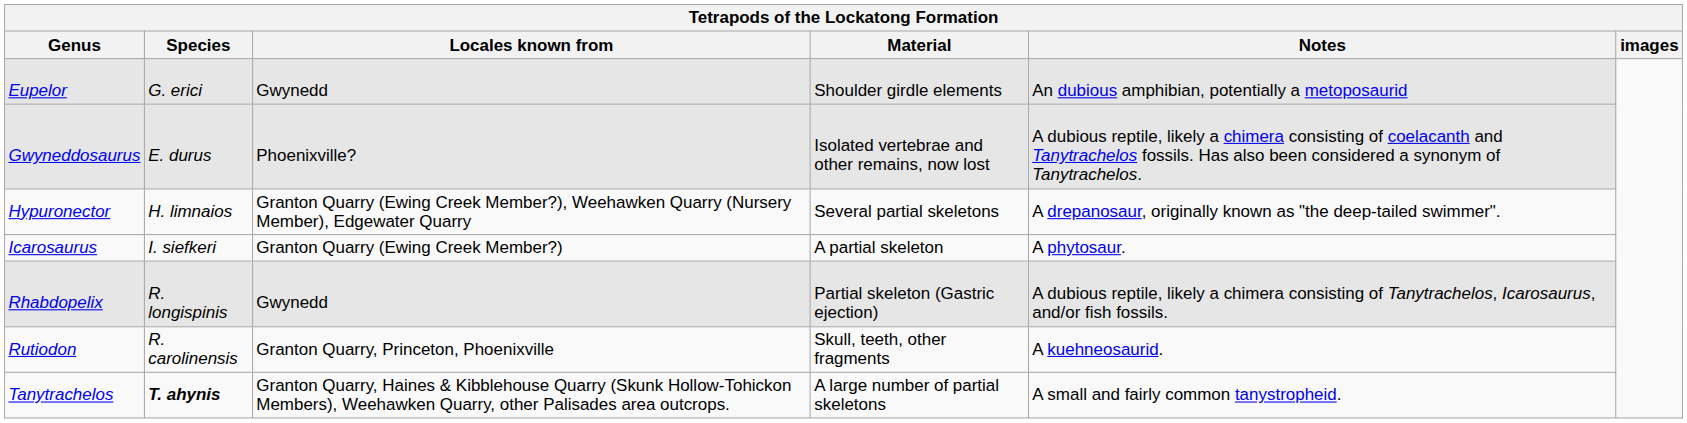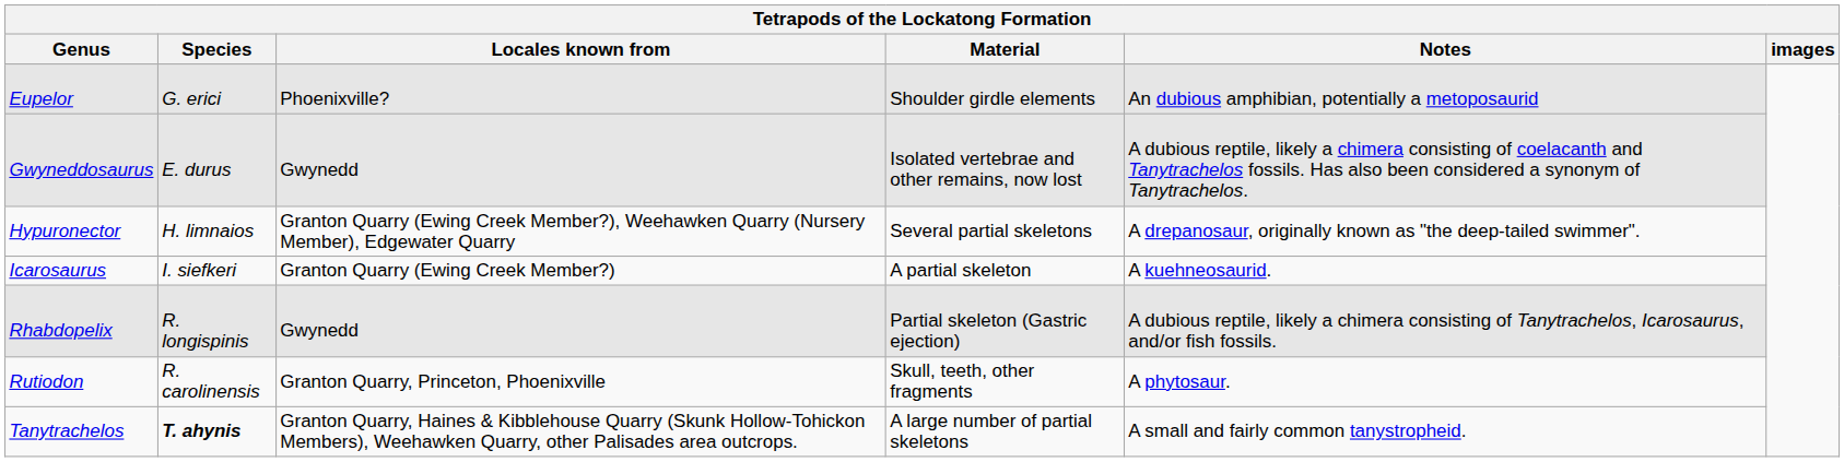 <table class="wikitable" align="center" width="100%">
 <tr>
 <th colspan="6" align="center"><strong>Tetrapods of the Lockatong Formation</strong></th>
 </tr>
 <tr>
 <th>Genus</th>
 <th>Species</th>
 <th>Locales known from</th>
 <th>Material</th>
 <th>Notes</th>
 <th>images</th>
 </tr>
 <tr>
 <td style="background:#E6E6E6;"><br><em><a href='#'>Eupelor</a></em></td>
 <td style="background:#E6E6E6;"><br><em>G. erici</em></td>
-<td style="background:#E6E6E6;"><br>Gwynedd</td>
+<td style="background:#E6E6E6;"><br>Phoenixville?</td>
 <td style="background:#E6E6E6;"><br>Shoulder girdle elements</td>
 <td style="background:#E6E6E6;"><br>An <a href='#'>dubious</a> amphibian, potentially a <a href='#'>metoposaurid</a></td>
 <td rowspan="99"><br>  </td>
 </tr>
 <tr>
 <td style="background:#E6E6E6;"><br><em><a href='#'>Gwyneddosaurus</a></em></td>
 <td style="background:#E6E6E6;"><br><em>E. durus</em></td>
-<td style="background:#E6E6E6;"><br>Phoenixville?</td>
+<td style="background:#E6E6E6;"><br>Gwynedd</td>
 <td style="background:#E6E6E6;"><br>Isolated vertebrae and other remains, now lost</td>
 <td style="background:#E6E6E6;"><br>A dubious reptile, likely a <a href='#'>chimera</a> consisting of <a href='#'>coelacanth</a> and <em><a href='#'>Tanytrachelos</a></em> fossils. Has also been considered a synonym of <em>Tanytrachelos</em>.</td>
 </tr>
 <tr>
 <td><em><a href='#'>Hypuronector</a></em></td>
 <td><em>H. limnaios</em></td>
 <td>Granton Quarry (Ewing Creek Member?), Weehawken Quarry (Nursery Member), Edgewater Quarry</td>
 <td>Several partial skeletons</td>
 <td>A <a href='#'>drepanosaur</a>, originally known as "the deep-tailed swimmer".</td>
 </tr>
 <tr>
 <td><em><a href='#'>Icarosaurus</a></em></td>
 <td><em>I. siefkeri</em></td>
 <td>Granton Quarry (Ewing Creek Member?)</td>
 <td>A partial skeleton</td>
-<td>A <a href='#'>phytosaur</a>.</td>
+<td>A <a href='#'>kuehneosaurid</a>.</td>
 </tr>
 <tr>
 <td style="background:#E6E6E6;"><br><em><a href='#'>Rhabdopelix</a></em></td>
 <td style="background:#E6E6E6;"><br><em>R. longispinis</em></td>
 <td style="background:#E6E6E6;"><br>Gwynedd</td>
 <td style="background:#E6E6E6;"><br>Partial skeleton (Gastric ejection)</td>
 <td style="background:#E6E6E6;"><br>A dubious reptile, likely a chimera consisting of <em>Tanytrachelos</em>, <em>Icarosaurus</em>, and/or fish fossils.</td>
 </tr>
 <tr>
 <td><em><a href='#'>Rutiodon</a></em></td>
 <td><em>R. carolinensis</em></td>
 <td>Granton Quarry, Princeton, Phoenixville</td>
 <td>Skull, teeth, other fragments</td>
-<td>A <a href='#'>kuehneosaurid</a>.</td>
+<td>A <a href='#'>phytosaur</a>.</td>
 </tr>
 <tr>
 <td><em><a href='#'>Tanytrachelos</a></em></td>
 <td><strong><em>T. ahynis</em></strong></td>
 <td>Granton Quarry, Haines & Kibblehouse Quarry (Skunk Hollow-Tohickon Members), Weehawken Quarry, other Palisades area outcrops.</td>
 <td>A large number of partial skeletons</td>
 <td>A small and fairly common <a href='#'>tanystropheid</a>.</td>
 </tr>
 </table>
